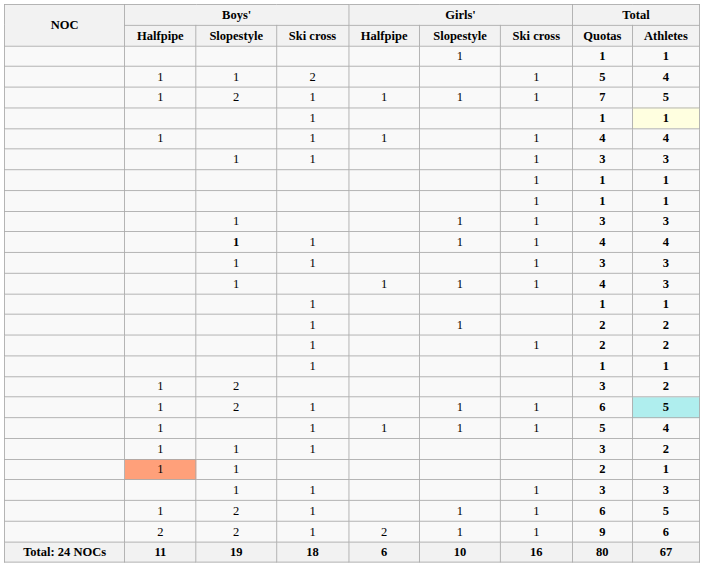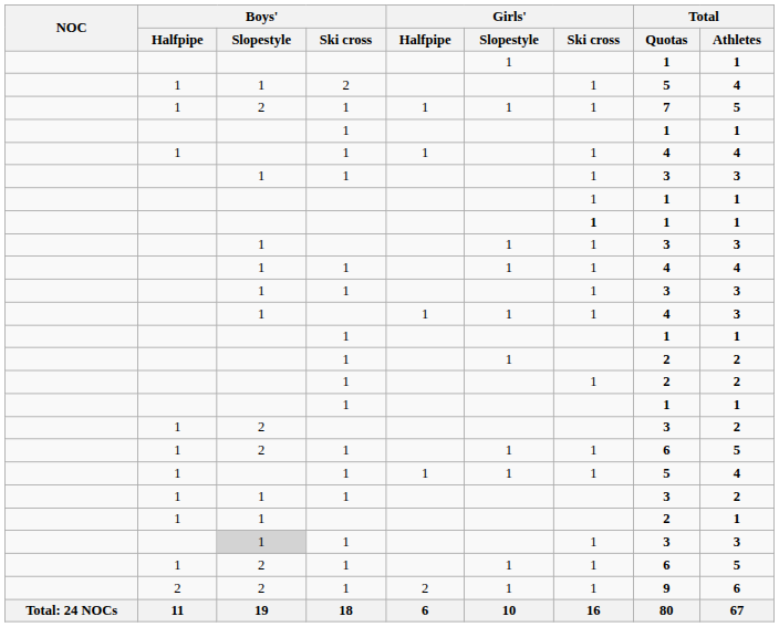 <table class="wikitable" width=800 style="text-align:center; font-size:90%">
 <tr>
 <th rowspan="2" align="left">NOC</th>
 <th colspan="3">Boys'</th>
 <th colspan="3">Girls'</th>
 <th colspan="2">Total</th>
 </tr>
 <tr>
 <th>Halfpipe</th>
 <th>Slopestyle</th>
 <th>Ski cross</th>
 <th>Halfpipe</th>
 <th>Slopestyle</th>
 <th>Ski cross</th>
 <th>Quotas</th>
 <th>Athletes</th>
 </tr>
 <tr>
 <td align=left></td>
 <td></td>
 <td></td>
 <td></td>
 <td></td>
 <td>1</td>
 <td></td>
 <td><strong>1</strong></td>
 <td><strong>1</strong></td>
 </tr>
 <tr>
 <td align=left></td>
 <td>1</td>
 <td>1</td>
 <td>2</td>
 <td></td>
 <td></td>
 <td>1</td>
 <td><strong>5</strong></td>
 <td><strong>4</strong></td>
 </tr>
 <tr>
 <td align=left></td>
 <td>1</td>
 <td>2</td>
 <td>1</td>
 <td>1</td>
 <td>1</td>
 <td>1</td>
 <td><strong>7</strong></td>
 <td><strong>5</strong></td>
 </tr>
 <tr>
 <td align=left></td>
 <td></td>
 <td></td>
 <td>1</td>
 <td></td>
 <td></td>
 <td></td>
 <td><strong>1</strong></td>
-<td style="background: lightyellow;"><strong>1</strong></td>
+<td><strong>1</strong></td>
 </tr>
 <tr>
 <td align=left></td>
 <td>1</td>
 <td></td>
 <td>1</td>
 <td>1</td>
 <td></td>
 <td>1</td>
 <td><strong>4</strong></td>
 <td><strong>4</strong></td>
 </tr>
 <tr>
 <td align=left></td>
 <td></td>
 <td>1</td>
 <td>1</td>
 <td></td>
 <td></td>
 <td>1</td>
 <td><strong>3</strong></td>
 <td><strong>3</strong></td>
 </tr>
 <tr>
 <td align=left></td>
 <td></td>
 <td></td>
 <td></td>
 <td></td>
 <td></td>
 <td>1</td>
 <td><strong>1</strong></td>
 <td><strong>1</strong></td>
 </tr>
 <tr>
 <td align=left></td>
 <td></td>
 <td></td>
 <td></td>
 <td></td>
 <td></td>
-<td>1</td>
+<td><strong>1</strong></td>
 <td><strong>1</strong></td>
 <td><strong>1</strong></td>
 </tr>
 <tr>
 <td align=left></td>
 <td></td>
 <td>1</td>
 <td></td>
 <td></td>
 <td>1</td>
 <td>1</td>
 <td><strong>3</strong></td>
 <td><strong>3</strong></td>
 </tr>
 <tr>
 <td align=left></td>
 <td></td>
-<td><strong>1</strong></td>
+<td>1</td>
 <td>1</td>
 <td></td>
 <td>1</td>
 <td>1</td>
 <td><strong>4</strong></td>
 <td><strong>4</strong></td>
 </tr>
 <tr>
 <td align=left></td>
 <td></td>
 <td>1</td>
 <td>1</td>
 <td></td>
 <td></td>
 <td>1</td>
 <td><strong>3</strong></td>
 <td><strong>3</strong></td>
 </tr>
 <tr>
 <td align=left></td>
 <td></td>
 <td>1</td>
 <td></td>
 <td>1</td>
 <td>1</td>
 <td>1</td>
 <td><strong>4</strong></td>
 <td><strong>3</strong></td>
 </tr>
 <tr>
 <td align=left></td>
 <td></td>
 <td></td>
 <td>1</td>
 <td></td>
 <td></td>
 <td></td>
 <td><strong>1</strong></td>
 <td><strong>1</strong></td>
 </tr>
 <tr>
 <td align=left></td>
 <td></td>
 <td></td>
 <td>1</td>
 <td></td>
 <td>1</td>
 <td></td>
 <td><strong>2</strong></td>
 <td><strong>2</strong></td>
 </tr>
 <tr>
 <td align=left></td>
 <td></td>
 <td></td>
 <td>1</td>
 <td></td>
 <td></td>
 <td>1</td>
 <td><strong>2</strong></td>
 <td><strong>2</strong></td>
 </tr>
 <tr>
 <td align=left></td>
 <td></td>
 <td></td>
 <td>1</td>
 <td></td>
 <td></td>
 <td></td>
 <td><strong>1</strong></td>
 <td><strong>1</strong></td>
 </tr>
 <tr>
 <td align=left></td>
 <td>1</td>
 <td>2</td>
 <td></td>
 <td></td>
 <td></td>
 <td></td>
 <td><strong>3</strong></td>
 <td><strong>2</strong></td>
 </tr>
 <tr>
 <td align=left></td>
 <td>1</td>
 <td>2</td>
 <td>1</td>
 <td></td>
 <td>1</td>
 <td>1</td>
 <td><strong>6</strong></td>
-<td style="background: paleturquoise;"><strong>5</strong></td>
+<td><strong>5</strong></td>
 </tr>
 <tr>
 <td align=left></td>
 <td>1</td>
 <td></td>
 <td>1</td>
 <td>1</td>
 <td>1</td>
 <td>1</td>
 <td><strong>5</strong></td>
 <td><strong>4</strong></td>
 </tr>
 <tr>
 <td align=left></td>
 <td>1</td>
 <td>1</td>
 <td>1</td>
 <td></td>
 <td></td>
 <td></td>
 <td><strong>3</strong></td>
 <td><strong>2</strong></td>
 </tr>
 <tr>
 <td align=left></td>
-<td style="background: lightsalmon;">1</td>
+<td>1</td>
 <td>1</td>
 <td></td>
 <td></td>
 <td></td>
 <td></td>
 <td><strong>2</strong></td>
 <td><strong>1</strong></td>
 </tr>
 <tr>
 <td align=left></td>
 <td></td>
-<td>1</td>
+<td style="background: lightgrey;">1</td>
 <td>1</td>
 <td></td>
 <td></td>
 <td>1</td>
 <td><strong>3</strong></td>
 <td><strong>3</strong></td>
 </tr>
 <tr>
 <td align=left></td>
 <td>1</td>
 <td>2</td>
 <td>1</td>
 <td></td>
 <td>1</td>
 <td>1</td>
 <td><strong>6</strong></td>
 <td><strong>5</strong></td>
 </tr>
 <tr>
 <td align=left></td>
 <td>2</td>
 <td>2</td>
 <td>1</td>
 <td>2</td>
 <td>1</td>
 <td>1</td>
 <td><strong>9</strong></td>
 <td><strong>6</strong></td>
 </tr>
 <tr>
 <th>Total: 24 NOCs</th>
 <th>11</th>
 <th>19</th>
 <th>18</th>
 <th>6</th>
 <th>10</th>
 <th>16</th>
 <th>80</th>
 <th>67</th>
 </tr>
 </table>
